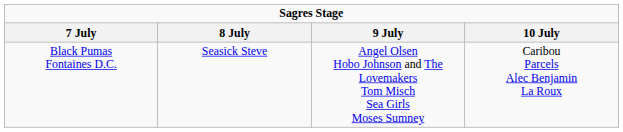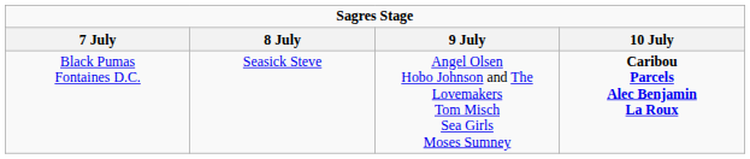 <table class="wikitable">
 <tr>
 <td colspan="4" align="center"><strong>Sagres Stage</strong></td>
 </tr>
 <tr>
 <th>7 July</th>
 <th>8 July</th>
 <th>9 July</th>
 <th>10 July</th>
 </tr>
 <tr>
 <td valign="top" align="center" width="200"><a href='#'>Black Pumas</a><br><a href='#'>Fontaines D.C.</a></td>
 <td valign="top" align="center" width="200"><a href='#'>Seasick Steve</a></td>
 <td valign="top" align="center" width="200"><a href='#'>Angel Olsen</a><br><a href='#'>Hobo Johnson</a> and <a href='#'>The Lovemakers</a><br><a href='#'>Tom Misch</a><br><a href='#'>Sea Girls</a><br><a href='#'>Moses Sumney</a></td>
-<td valign="top" align="center" width="200">Caribou<br><a href='#'>Parcels</a><br><a href='#'>Alec Benjamin</a><br><a href='#'>La Roux</a></td>
+<td valign="top" align="center" width="200"><strong>Caribou<br><a href='#'>Parcels</a><br><a href='#'>Alec Benjamin</a><br><a href='#'>La Roux</a></strong></td>
 </tr>
 </table>
